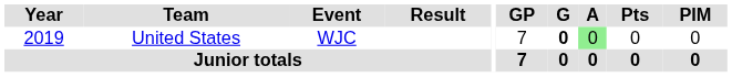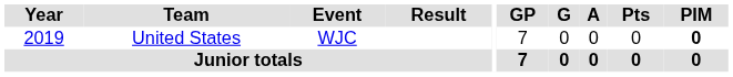 <table border="0" cellpadding="1" cellspacing="0" ID="Table3" style="text-align:center; width:40em">
 <tr bgcolor="#e0e0e0">
 <th>Year</th>
 <th>Team</th>
 <th>Event</th>
 <th>Result</th>
 <th rowspan="99" bgcolor="#ffffff"></th>
 <th>GP</th>
 <th>G</th>
 <th>A</th>
 <th>Pts</th>
 <th>PIM</th>
 </tr>
 <tr>
 <td><a href='#'>2019</a></td>
 <td><a href='#'>United States</a></td>
 <td><a href='#'>WJC</a></td>
 <td></td>
 <td>7</td>
-<td><strong>0</strong></td>
-<td style="background: lightgreen;">0</td>
 <td>0</td>
 <td>0</td>
+<td>0</td>
+<td><strong>0</strong></td>
 </tr>
 <tr bgcolor="#e0e0e0">
 <th colspan="4">Junior totals</th>
 <th>7</th>
 <th>0</th>
 <th>0</th>
 <th>0</th>
 <th>0</th>
 </tr>
 </table>
